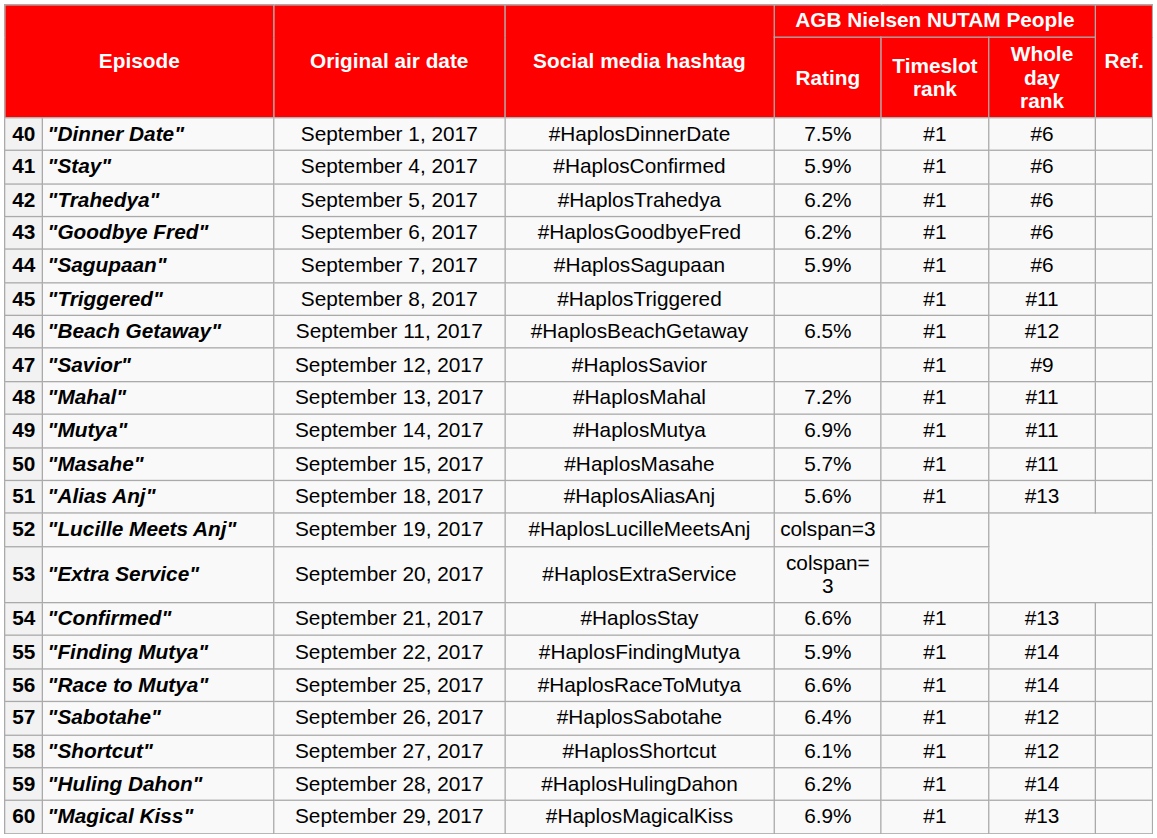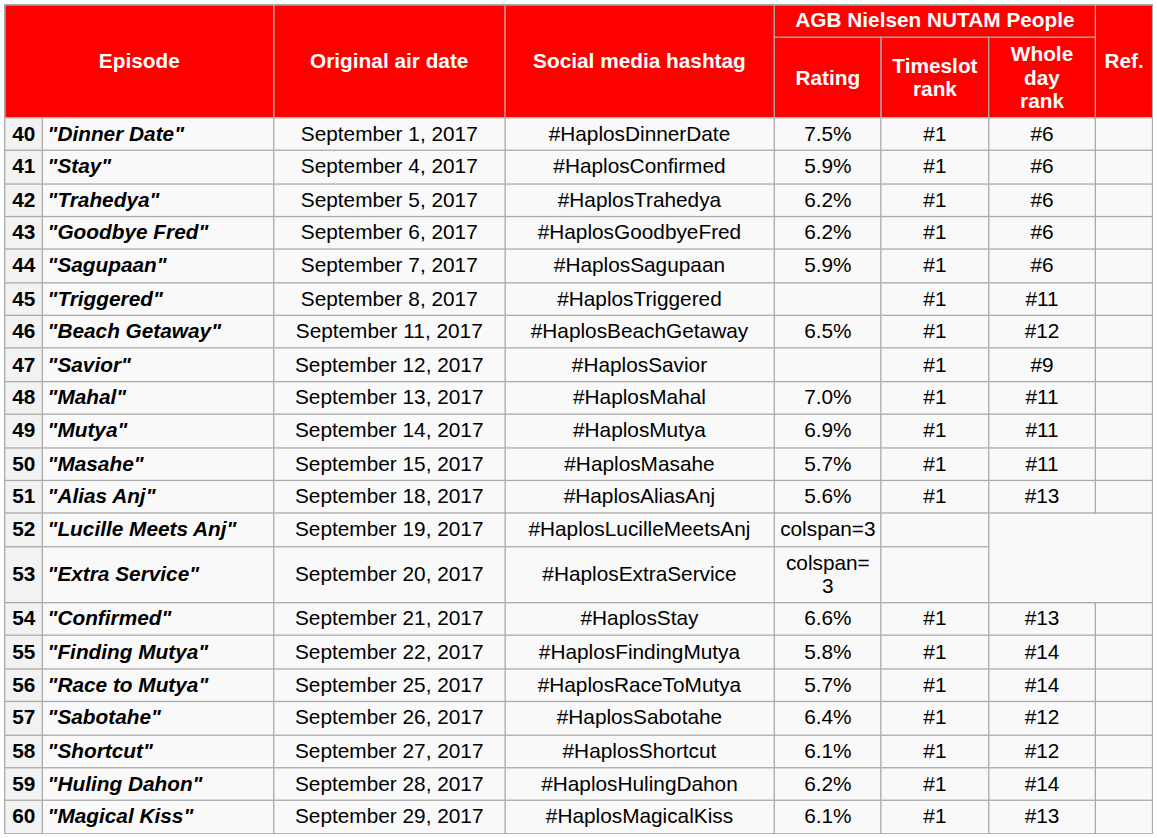 <table class="wikitable" style="text-align:center; font-size:100%; line-height:18px;"  width="100%">
 <tr>
 <th colspan="2" rowspan="2" style="background-color:#FF0000; color:#ffffff;">Episode</th>
 <th style="background:#FF0000; color:white" rowspan="2">Original air date</th>
 <th style="background:#FF0000; color:white" rowspan="2">Social media hashtag</th>
 <th style="background-color:#FF0000; color:#ffffff;" colspan="3">AGB Nielsen NUTAM People</th>
 <th style="background-color:#FF0000; color:#ffffff;" rowspan="2">Ref.</th>
 </tr>
 <tr>
 <th style="background-color:#FF0000; width:75px; color:#ffffff;">Rating</th>
 <th style="background-color:#FF0000; width:75px; color:#ffffff;">Timeslot<br>rank</th>
 <th style="background-color:#FF0000; width:75px; color:#ffffff;">Whole day<br>rank</th>
 </tr>
 <tr>
 <th>40</th>
 <td style="text-align: left;"><strong><em>"Dinner Date"</em></strong></td>
 <td>September 1, 2017</td>
 <td>#HaplosDinnerDate</td>
 <td>7.5%</td>
 <td>#1</td>
 <td>#6</td>
 <td></td>
 </tr>
 <tr>
 <th>41</th>
 <td style="text-align: left;"><strong><em>"Stay"</em></strong></td>
 <td>September 4, 2017</td>
 <td>#HaplosConfirmed</td>
 <td>5.9%</td>
 <td>#1</td>
 <td>#6</td>
 <td></td>
 </tr>
 <tr>
 <th>42</th>
 <td style="text-align: left;"><strong><em>"Trahedya"</em></strong></td>
 <td>September 5, 2017</td>
 <td>#HaplosTrahedya</td>
 <td>6.2%</td>
 <td>#1</td>
 <td>#6</td>
 <td></td>
 </tr>
 <tr>
 <th>43</th>
 <td style="text-align: left;"><strong><em>"Goodbye Fred"</em></strong></td>
 <td>September 6, 2017</td>
 <td>#HaplosGoodbyeFred</td>
 <td>6.2%</td>
 <td>#1</td>
 <td>#6</td>
 <td></td>
 </tr>
 <tr>
 <th>44</th>
 <td style="text-align: left;"><strong><em>"Sagupaan"</em></strong></td>
 <td>September 7, 2017</td>
 <td>#HaplosSagupaan</td>
 <td>5.9%</td>
 <td>#1</td>
 <td>#6</td>
 <td></td>
 </tr>
 <tr>
 <th>45</th>
 <td style="text-align: left;"><strong><em>"Triggered"</em></strong></td>
 <td>September 8, 2017</td>
 <td>#HaplosTriggered</td>
 <td></td>
 <td>#1</td>
 <td>#11</td>
 <td></td>
 </tr>
 <tr>
 <th>46</th>
 <td style="text-align: left;"><strong><em>"Beach Getaway"</em></strong></td>
 <td>September 11, 2017</td>
 <td>#HaplosBeachGetaway</td>
 <td>6.5%</td>
 <td>#1</td>
 <td>#12</td>
 <td></td>
 </tr>
 <tr>
 <th>47</th>
 <td style="text-align: left;"><strong><em>"Savior"</em></strong></td>
 <td>September 12, 2017</td>
 <td>#HaplosSavior</td>
 <td></td>
 <td>#1</td>
 <td>#9</td>
 <td></td>
 </tr>
 <tr>
 <th>48</th>
 <td style="text-align: left;"><strong><em>"Mahal"</em></strong></td>
 <td>September 13, 2017</td>
 <td>#HaplosMahal</td>
-<td>7.2%</td>
+<td>7.0%</td>
 <td>#1</td>
 <td>#11</td>
 <td></td>
 </tr>
 <tr>
 <th>49</th>
 <td style="text-align: left;"><strong><em>"Mutya"</em></strong></td>
 <td>September 14, 2017</td>
 <td>#HaplosMutya</td>
 <td>6.9%</td>
 <td>#1</td>
 <td>#11</td>
 <td></td>
 </tr>
 <tr>
 <th>50</th>
 <td style="text-align: left;"><strong><em>"Masahe"</em></strong></td>
 <td>September 15, 2017</td>
 <td>#HaplosMasahe</td>
 <td>5.7%</td>
 <td>#1</td>
 <td>#11</td>
 <td></td>
 </tr>
 <tr>
 <th>51</th>
 <td style="text-align: left;"><strong><em>"Alias Anj"</em></strong></td>
 <td>September 18, 2017</td>
 <td>#HaplosAliasAnj</td>
 <td>5.6%</td>
 <td>#1</td>
 <td>#13</td>
 <td></td>
 </tr>
 <tr>
 <th>52</th>
 <td style="text-align: left;"><strong><em>"Lucille Meets Anj"</em></strong></td>
 <td>September 19, 2017</td>
 <td>#HaplosLucilleMeetsAnj</td>
 <td>colspan=3 </td>
 <td></td>
 </tr>
 <tr>
 <th>53</th>
 <td style="text-align: left;"><strong><em>"Extra Service"</em></strong></td>
 <td>September 20, 2017</td>
 <td>#HaplosExtraService</td>
 <td>colspan= 3 </td>
 <td></td>
 </tr>
 <tr>
 <th>54</th>
 <td style="text-align: left;"><strong><em>"Confirmed"</em></strong></td>
 <td>September 21, 2017</td>
 <td>#HaplosStay</td>
 <td>6.6%</td>
 <td>#1</td>
 <td>#13</td>
 <td></td>
 </tr>
 <tr>
 <th>55</th>
 <td style="text-align: left;"><strong><em>"Finding Mutya"</em></strong></td>
 <td>September 22, 2017</td>
 <td>#HaplosFindingMutya</td>
-<td>5.9%</td>
+<td>5.8%</td>
 <td>#1</td>
 <td>#14</td>
 <td></td>
 </tr>
 <tr>
 <th>56</th>
 <td style="text-align: left;"><strong><em>"Race to Mutya"</em></strong></td>
 <td>September 25, 2017</td>
 <td>#HaplosRaceToMutya</td>
-<td>6.6%</td>
+<td>5.7%</td>
 <td>#1</td>
 <td>#14</td>
 <td></td>
 </tr>
 <tr>
 <th>57</th>
 <td style="text-align: left;"><strong><em>"Sabotahe"</em></strong></td>
 <td>September 26, 2017</td>
 <td>#HaplosSabotahe</td>
 <td>6.4%</td>
 <td>#1</td>
 <td>#12</td>
 <td></td>
 </tr>
 <tr>
 <th>58</th>
 <td style="text-align: left;"><strong><em>"Shortcut"</em></strong></td>
 <td>September 27, 2017</td>
 <td>#HaplosShortcut</td>
 <td>6.1%</td>
 <td>#1</td>
 <td>#12</td>
 <td></td>
 </tr>
 <tr>
 <th>59</th>
 <td style="text-align: left;"><strong><em>"Huling Dahon"</em></strong></td>
 <td>September 28, 2017</td>
 <td>#HaplosHulingDahon</td>
 <td>6.2%</td>
 <td>#1</td>
 <td>#14</td>
 <td></td>
 </tr>
 <tr>
 <th>60</th>
 <td style="text-align: left;"><strong><em>"Magical Kiss"</em></strong></td>
 <td>September 29, 2017</td>
 <td>#HaplosMagicalKiss</td>
-<td>6.9%</td>
+<td>6.1%</td>
 <td>#1</td>
 <td>#13</td>
 <td></td>
 </tr>
 <tr>
 </tr>
 </table>
